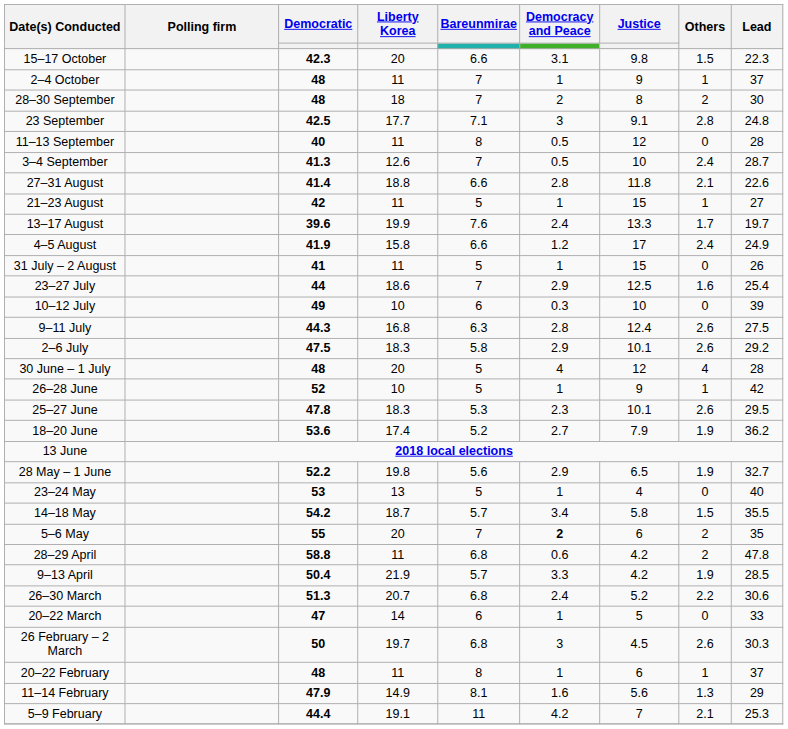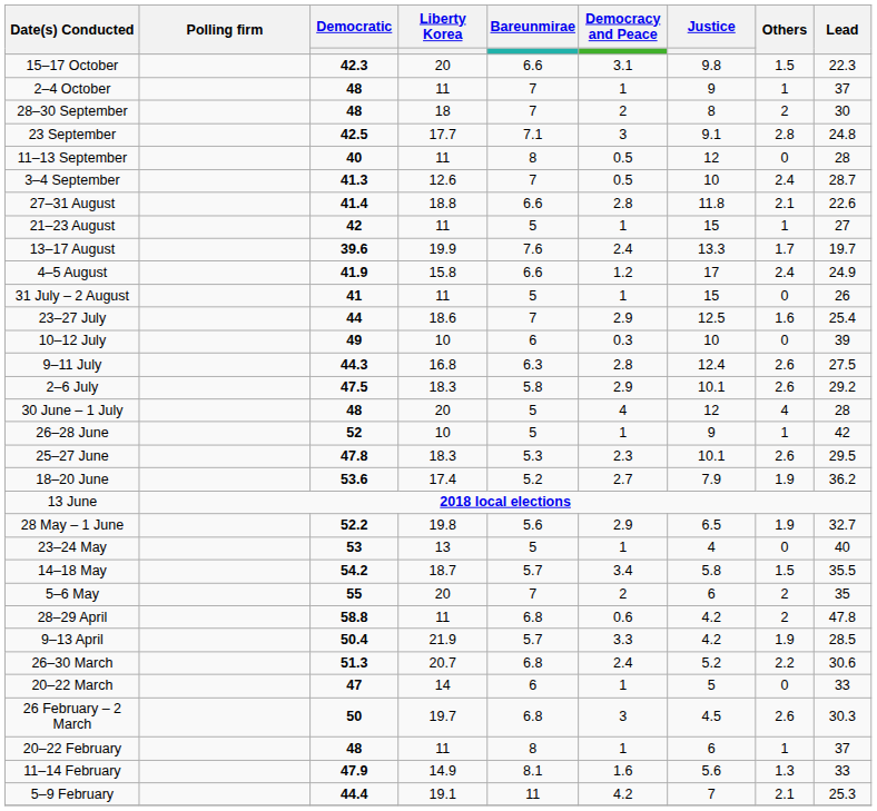 <table class="wikitable sortable" style="text-align:center; font-size:85%; line-height:16px; margin:0;">
 <tr style="height:42px; background-color:#E9E9E9; border 1px solid #aaaaaa;">
 <th style="width:125px;" rowspan="2">Date(s) Conducted</th>
 <th style="width:160px;" rowspan="2">Polling firm</th>
 <th style="width:80px;" class="unsortable"><a href='#'>Democratic</a></th>
 <th style="width:80px;" class="unsortable"><a href='#'>Liberty Korea</a></th>
 <th style="width:80px;" class="unsortable"><a href='#'>Bareunmirae</a></th>
 <th style="width:80px;" class="unsortable"><a href='#'>Democracy and Peace</a></th>
 <th style="width:80px;" class="unsortable"><a href='#'>Justice</a></th>
 <th style="width:50px;" rowspan="2" class="unsortable">Others</th>
 <th style="width:50px;" rowspan="2" class="unsortable">Lead</th>
 </tr>
 <tr>
 <th style="background:"></th>
 <th style="background:"></th>
 <th style="background:#20B2AA;"></th>
 <th style="background:#40B02A;"></th>
 <th style="background:"></th>
 </tr>
 <tr>
 <td data-sort-value="2018-10-15">15–17 October</td>
 <td></td>
 <td><strong>42.3</strong></td>
 <td>20</td>
 <td>6.6</td>
 <td>3.1</td>
 <td>9.8</td>
 <td>1.5</td>
 <td style="background:">22.3</td>
 </tr>
 <tr>
 <td data-sort-value="2018-10-02">2–4 October</td>
 <td></td>
 <td><strong>48</strong></td>
 <td>11</td>
 <td>7</td>
 <td>1</td>
 <td>9</td>
 <td>1</td>
 <td style="background:">37</td>
 </tr>
 <tr>
 <td data-sort-value="2018-09-29">28–30 September</td>
 <td></td>
 <td><strong>48</strong></td>
 <td>18</td>
 <td>7</td>
 <td>2</td>
 <td>8</td>
 <td>2</td>
 <td style="background:">30</td>
 </tr>
 <tr>
 <td data-sort-value="2018-09-23">23 September</td>
 <td></td>
 <td><strong>42.5</strong></td>
 <td>17.7</td>
 <td>7.1</td>
 <td>3</td>
 <td>9.1</td>
 <td>2.8</td>
 <td style="background:">24.8</td>
 </tr>
 <tr>
 <td data-sort-value="2018-09-11">11–13 September</td>
 <td></td>
 <td><strong>40</strong></td>
 <td>11</td>
 <td>8</td>
 <td>0.5</td>
 <td>12</td>
 <td>0</td>
 <td style="background:">28</td>
 </tr>
 <tr>
 <td data-sort-value="2018-09-03">3–4 September</td>
 <td></td>
 <td><strong>41.3</strong></td>
 <td>12.6</td>
 <td>7</td>
 <td>0.5</td>
 <td>10</td>
 <td>2.4</td>
 <td style="background:">28.7</td>
 </tr>
 <tr>
 <td data-sort-value="2018-08-27">27–31 August</td>
 <td></td>
 <td><strong>41.4</strong></td>
 <td>18.8</td>
 <td>6.6</td>
 <td>2.8</td>
 <td>11.8</td>
 <td>2.1</td>
 <td style="background:">22.6</td>
 </tr>
 <tr>
 <td data-sort-value="2018-08-21">21–23 August</td>
 <td></td>
 <td><strong>42</strong></td>
 <td>11</td>
 <td>5</td>
 <td>1</td>
 <td>15</td>
 <td>1</td>
 <td style="background:">27</td>
 </tr>
 <tr>
 <td data-sort-value="2018-08-13">13–17 August</td>
 <td></td>
 <td><strong>39.6</strong></td>
 <td>19.9</td>
 <td>7.6</td>
 <td>2.4</td>
 <td>13.3</td>
 <td>1.7</td>
 <td style="background:">19.7</td>
 </tr>
 <tr>
 <td data-sort-value="2018-08-04">4–5 August</td>
 <td></td>
 <td><strong>41.9</strong></td>
 <td>15.8</td>
 <td>6.6</td>
 <td>1.2</td>
 <td>17</td>
 <td>2.4</td>
 <td style="background:">24.9</td>
 </tr>
 <tr>
 <td data-sort-value="2018-07-31">31 July – 2 August</td>
 <td></td>
 <td><strong>41</strong></td>
 <td>11</td>
 <td>5</td>
 <td>1</td>
 <td>15</td>
 <td>0</td>
 <td style="background:">26</td>
 </tr>
 <tr>
 <td data-sort-value="2018-07-23">23–27 July</td>
 <td></td>
 <td><strong>44</strong></td>
 <td>18.6</td>
 <td>7</td>
 <td>2.9</td>
 <td>12.5</td>
 <td>1.6</td>
 <td style="background:">25.4</td>
 </tr>
 <tr>
 <td data-sort-value="2018-07-10">10–12 July</td>
 <td></td>
 <td><strong>49</strong></td>
 <td>10</td>
 <td>6</td>
 <td>0.3</td>
 <td>10</td>
 <td>0</td>
 <td style="background:">39</td>
 </tr>
 <tr>
 <td data-sort-value="2018-07-09">9–11 July</td>
 <td></td>
 <td><strong>44.3</strong></td>
 <td>16.8</td>
 <td>6.3</td>
 <td>2.8</td>
 <td>12.4</td>
 <td>2.6</td>
 <td style="background:">27.5</td>
 </tr>
 <tr>
 <td data-sort-value="2018-07-02">2–6 July</td>
 <td></td>
 <td><strong>47.5</strong></td>
 <td>18.3</td>
 <td>5.8</td>
 <td>2.9</td>
 <td>10.1</td>
 <td>2.6</td>
 <td style="background:">29.2</td>
 </tr>
 <tr>
 <td data-sort-value="2018-06-30">30 June – 1 July</td>
 <td></td>
 <td><strong>48</strong></td>
 <td>20</td>
 <td>5</td>
 <td>4</td>
 <td>12</td>
 <td>4</td>
 <td style="background:">28</td>
 </tr>
 <tr>
 <td data-sort-value="2018-06-26">26–28 June</td>
 <td></td>
 <td><strong>52</strong></td>
 <td>10</td>
 <td>5</td>
 <td>1</td>
 <td>9</td>
 <td>1</td>
 <td style="background:">42</td>
 </tr>
 <tr>
 <td data-sort-value="2018-06-25">25–27 June</td>
 <td></td>
 <td><strong>47.8</strong></td>
 <td>18.3</td>
 <td>5.3</td>
 <td>2.3</td>
 <td>10.1</td>
 <td>2.6</td>
 <td style="background:">29.5</td>
 </tr>
 <tr>
 <td data-sort-value="2018-06-18">18–20 June</td>
 <td></td>
 <td><strong>53.6</strong></td>
 <td>17.4</td>
 <td>5.2</td>
 <td>2.7</td>
 <td>7.9</td>
 <td>1.9</td>
 <td style="background:">36.2</td>
 </tr>
 <tr>
 <td>13 June</td>
 <td colspan="8"><strong><a href='#'>2018 local elections</a></strong></td>
 </tr>
 <tr>
 <td data-sort-value="2018-05-28">28 May – 1 June</td>
 <td></td>
 <td><strong>52.2</strong></td>
 <td>19.8</td>
 <td>5.6</td>
 <td>2.9</td>
 <td>6.5</td>
 <td>1.9</td>
 <td style="background:">32.7</td>
 </tr>
 <tr>
 <td data-sort-value="2018-05-23">23–24 May</td>
 <td></td>
 <td><strong>53</strong></td>
 <td>13</td>
 <td>5</td>
 <td>1</td>
 <td>4</td>
 <td>0</td>
 <td style="background:">40</td>
 </tr>
 <tr>
 <td data-sort-value="2018-05-14">14–18 May</td>
 <td></td>
 <td><strong>54.2</strong></td>
 <td>18.7</td>
 <td>5.7</td>
 <td>3.4</td>
 <td>5.8</td>
 <td>1.5</td>
 <td style="background:">35.5</td>
 </tr>
 <tr>
 <td data-sort-value="2018-05-05">5–6 May</td>
 <td></td>
 <td><strong>55</strong></td>
 <td>20</td>
 <td>7</td>
-<td><strong>2</strong></td>
+<td>2</td>
 <td>6</td>
 <td>2</td>
 <td style="background:">35</td>
 </tr>
 <tr>
 <td data-sort-value="2018-04-28">28–29 April</td>
 <td></td>
 <td><strong>58.8</strong></td>
 <td>11</td>
 <td>6.8</td>
 <td>0.6</td>
 <td>4.2</td>
 <td>2</td>
 <td style="background:">47.8</td>
 </tr>
 <tr>
 <td data-sort-value="2018-04-09">9–13 April</td>
 <td></td>
 <td><strong>50.4</strong></td>
 <td>21.9</td>
 <td>5.7</td>
 <td>3.3</td>
 <td>4.2</td>
 <td>1.9</td>
 <td style="background:">28.5</td>
 </tr>
 <tr>
 <td data-sort-value="2018-03-26">26–30 March</td>
 <td></td>
 <td><strong>51.3</strong></td>
 <td>20.7</td>
 <td>6.8</td>
 <td>2.4</td>
 <td>5.2</td>
 <td>2.2</td>
 <td style="background:">30.6</td>
 </tr>
 <tr>
 <td data-sort-value="2018-03-20">20–22 March</td>
 <td></td>
 <td><strong>47</strong></td>
 <td>14</td>
 <td>6</td>
 <td>1</td>
 <td>5</td>
 <td>0</td>
 <td style="background:">33</td>
 </tr>
 <tr>
 <td data-sort-value="2018-02-26">26 February – 2 March</td>
 <td></td>
 <td><strong>50</strong></td>
 <td>19.7</td>
 <td>6.8</td>
 <td>3</td>
 <td>4.5</td>
 <td>2.6</td>
 <td style="background:">30.3</td>
 </tr>
 <tr>
 <td data-sort-value="2018-02-20">20–22 February</td>
 <td></td>
 <td><strong>48</strong></td>
 <td>11</td>
 <td>8</td>
 <td>1</td>
 <td>6</td>
 <td>1</td>
 <td style="background:">37</td>
 </tr>
 <tr>
 <td data-sort-value="2018-02-11">11–14 February</td>
 <td></td>
 <td><strong>47.9</strong></td>
 <td>14.9</td>
 <td>8.1</td>
 <td>1.6</td>
 <td>5.6</td>
 <td>1.3</td>
-<td style="background:">29</td>
+<td style="background:">33</td>
 </tr>
 <tr>
 <td data-sort-value="2018-02-05">5–9 February</td>
 <td></td>
 <td><strong>44.4</strong></td>
 <td>19.1</td>
 <td>11</td>
 <td>4.2</td>
 <td>7</td>
 <td>2.1</td>
 <td style="background:">25.3</td>
 </tr>
 <tr>
 </tr>
 </table>
